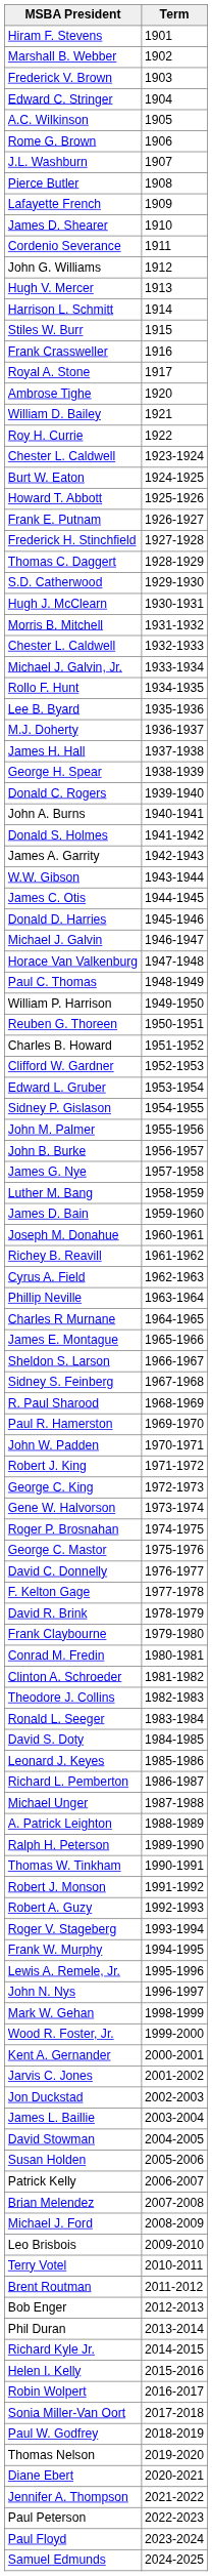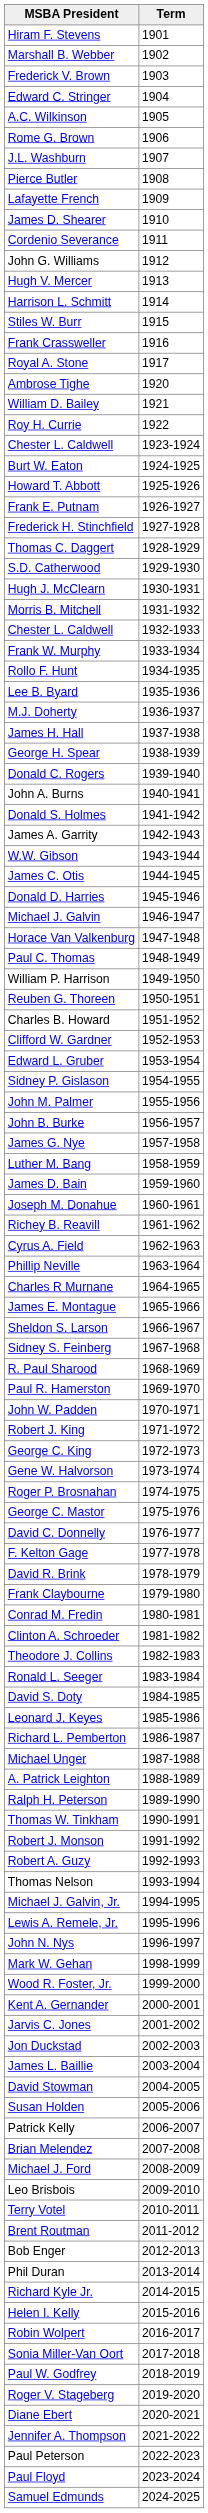 <table class="toccolours" border="1" cellpadding="4" cellspacing="2" style="border-collapse: collapse;">
 <tr bgcolor="#efefef">
 <th>MSBA President</th>
 <th>Term</th>
 </tr>
 <tr>
 <td><a href='#'>Hiram F. Stevens</a></td>
 <td>1901</td>
 </tr>
 <tr>
 <td><a href='#'>Marshall B. Webber</a></td>
 <td>1902</td>
 </tr>
 <tr>
 <td><a href='#'>Frederick V. Brown</a></td>
 <td>1903</td>
 </tr>
 <tr>
 <td><a href='#'>Edward C. Stringer</a></td>
 <td>1904</td>
 </tr>
 <tr>
 <td><a href='#'>A.C. Wilkinson</a></td>
 <td>1905</td>
 </tr>
 <tr>
 <td><a href='#'>Rome G. Brown</a></td>
 <td>1906</td>
 </tr>
 <tr>
 <td><a href='#'>J.L. Washburn</a></td>
 <td>1907</td>
 </tr>
 <tr>
 <td><a href='#'>Pierce Butler</a></td>
 <td>1908</td>
 </tr>
 <tr>
 <td><a href='#'>Lafayette French</a></td>
 <td>1909</td>
 </tr>
 <tr>
 <td><a href='#'>James D. Shearer</a></td>
 <td>1910</td>
 </tr>
 <tr>
 <td><a href='#'>Cordenio Severance</a></td>
 <td>1911</td>
 </tr>
 <tr>
 <td>John G. Williams</td>
 <td>1912</td>
 </tr>
 <tr>
 <td><a href='#'>Hugh V. Mercer</a></td>
 <td>1913</td>
 </tr>
 <tr>
 <td><a href='#'>Harrison L. Schmitt</a></td>
 <td>1914</td>
 </tr>
 <tr>
 <td><a href='#'>Stiles W. Burr</a></td>
 <td>1915</td>
 </tr>
 <tr>
 <td><a href='#'>Frank Crassweller</a></td>
 <td>1916</td>
 </tr>
 <tr>
 <td><a href='#'>Royal A. Stone</a></td>
 <td>1917</td>
 </tr>
 <tr>
 <td><a href='#'>Ambrose Tighe</a></td>
 <td>1920</td>
 </tr>
 <tr>
 <td><a href='#'>William D. Bailey</a></td>
 <td>1921</td>
 </tr>
 <tr>
 <td><a href='#'>Roy H. Currie</a></td>
 <td>1922</td>
 </tr>
 <tr>
 <td><a href='#'>Chester L. Caldwell</a></td>
 <td>1923-1924</td>
 </tr>
 <tr>
 <td><a href='#'>Burt W. Eaton</a></td>
 <td>1924-1925</td>
 </tr>
 <tr>
 <td><a href='#'>Howard T. Abbott</a></td>
 <td>1925-1926</td>
 </tr>
 <tr>
 <td><a href='#'>Frank E. Putnam</a></td>
 <td>1926-1927</td>
 </tr>
 <tr>
 <td><a href='#'>Frederick H. Stinchfield</a></td>
 <td>1927-1928</td>
 </tr>
 <tr>
 <td><a href='#'>Thomas C. Daggert</a></td>
 <td>1928-1929</td>
 </tr>
 <tr>
 <td><a href='#'>S.D. Catherwood</a></td>
 <td>1929-1930</td>
 </tr>
 <tr>
 <td><a href='#'>Hugh J. McClearn</a></td>
 <td>1930-1931</td>
 </tr>
 <tr>
 <td><a href='#'>Morris B. Mitchell</a></td>
 <td>1931-1932</td>
 </tr>
 <tr>
 <td><a href='#'>Chester L. Caldwell</a></td>
 <td>1932-1933</td>
 </tr>
 <tr>
-<td><a href='#'>Michael J. Galvin, Jr.</a></td>
+<td><a href='#'>Frank W. Murphy</a></td>
 <td>1933-1934</td>
 </tr>
 <tr>
 <td><a href='#'>Rollo F. Hunt</a></td>
 <td>1934-1935</td>
 </tr>
 <tr>
 <td><a href='#'>Lee B. Byard</a></td>
 <td>1935-1936</td>
 </tr>
 <tr>
 <td><a href='#'>M.J. Doherty</a></td>
 <td>1936-1937</td>
 </tr>
 <tr>
 <td><a href='#'>James H. Hall</a></td>
 <td>1937-1938</td>
 </tr>
 <tr>
 <td><a href='#'>George H. Spear</a></td>
 <td>1938-1939</td>
 </tr>
 <tr>
 <td><a href='#'>Donald C. Rogers</a></td>
 <td>1939-1940</td>
 </tr>
 <tr>
 <td>John A. Burns</td>
 <td>1940-1941</td>
 </tr>
 <tr>
 <td><a href='#'>Donald S. Holmes</a></td>
 <td>1941-1942</td>
 </tr>
 <tr>
 <td>James A. Garrity</td>
 <td>1942-1943</td>
 </tr>
 <tr>
 <td><a href='#'>W.W. Gibson</a></td>
 <td>1943-1944</td>
 </tr>
 <tr>
 <td><a href='#'>James C. Otis</a></td>
 <td>1944-1945</td>
 </tr>
 <tr>
 <td><a href='#'>Donald D. Harries</a></td>
 <td>1945-1946</td>
 </tr>
 <tr>
 <td><a href='#'>Michael J. Galvin</a></td>
 <td>1946-1947</td>
 </tr>
 <tr>
 <td><a href='#'>Horace Van Valkenburg</a></td>
 <td>1947-1948</td>
 </tr>
 <tr>
 <td><a href='#'>Paul C. Thomas</a></td>
 <td>1948-1949</td>
 </tr>
 <tr>
 <td>William P. Harrison</td>
 <td>1949-1950</td>
 </tr>
 <tr>
 <td><a href='#'>Reuben G. Thoreen</a></td>
 <td>1950-1951</td>
 </tr>
 <tr>
 <td>Charles B. Howard</td>
 <td>1951-1952</td>
 </tr>
 <tr>
 <td><a href='#'>Clifford W. Gardner</a></td>
 <td>1952-1953</td>
 </tr>
 <tr>
 <td><a href='#'>Edward L. Gruber</a></td>
 <td>1953-1954</td>
 </tr>
 <tr>
 <td><a href='#'>Sidney P. Gislason</a></td>
 <td>1954-1955</td>
 </tr>
 <tr>
 <td><a href='#'>John M. Palmer</a></td>
 <td>1955-1956</td>
 </tr>
 <tr>
 <td><a href='#'>John B. Burke</a></td>
 <td>1956-1957</td>
 </tr>
 <tr>
 <td><a href='#'>James G. Nye</a></td>
 <td>1957-1958</td>
 </tr>
 <tr>
 <td><a href='#'>Luther M. Bang</a></td>
 <td>1958-1959</td>
 </tr>
 <tr>
 <td><a href='#'>James D. Bain</a></td>
 <td>1959-1960</td>
 </tr>
 <tr>
 <td><a href='#'>Joseph M. Donahue</a></td>
 <td>1960-1961</td>
 </tr>
 <tr>
 <td><a href='#'>Richey B. Reavill</a></td>
 <td>1961-1962</td>
 </tr>
 <tr>
 <td><a href='#'>Cyrus A. Field</a></td>
 <td>1962-1963</td>
 </tr>
 <tr>
 <td><a href='#'>Phillip Neville</a></td>
 <td>1963-1964</td>
 </tr>
 <tr>
 <td><a href='#'>Charles R Murnane</a></td>
 <td>1964-1965</td>
 </tr>
 <tr>
 <td><a href='#'>James E. Montague</a></td>
 <td>1965-1966</td>
 </tr>
 <tr>
 <td><a href='#'>Sheldon S. Larson</a></td>
 <td>1966-1967</td>
 </tr>
 <tr>
 <td><a href='#'>Sidney S. Feinberg</a></td>
 <td>1967-1968</td>
 </tr>
 <tr>
 <td><a href='#'>R. Paul Sharood</a></td>
 <td>1968-1969</td>
 </tr>
 <tr>
 <td><a href='#'>Paul R. Hamerston</a></td>
 <td>1969-1970</td>
 </tr>
 <tr>
 <td><a href='#'>John W. Padden</a></td>
 <td>1970-1971</td>
 </tr>
 <tr>
 <td><a href='#'>Robert J. King</a></td>
 <td>1971-1972</td>
 </tr>
 <tr>
 <td><a href='#'>George C. King</a></td>
 <td>1972-1973</td>
 </tr>
 <tr>
 <td><a href='#'>Gene W. Halvorson</a></td>
 <td>1973-1974</td>
 </tr>
 <tr>
 <td><a href='#'>Roger P. Brosnahan</a></td>
 <td>1974-1975</td>
 </tr>
 <tr>
 <td><a href='#'>George C. Mastor</a></td>
 <td>1975-1976</td>
 </tr>
 <tr>
 <td><a href='#'>David C. Donnelly</a></td>
 <td>1976-1977</td>
 </tr>
 <tr>
 <td><a href='#'>F. Kelton Gage</a></td>
 <td>1977-1978</td>
 </tr>
 <tr>
 <td><a href='#'>David R. Brink</a></td>
 <td>1978-1979</td>
 </tr>
 <tr>
 <td><a href='#'>Frank Claybourne</a></td>
 <td>1979-1980</td>
 </tr>
 <tr>
 <td><a href='#'>Conrad M. Fredin</a></td>
 <td>1980-1981</td>
 </tr>
 <tr>
 <td><a href='#'>Clinton A. Schroeder</a></td>
 <td>1981-1982</td>
 </tr>
 <tr>
 <td><a href='#'>Theodore J. Collins</a></td>
 <td>1982-1983</td>
 </tr>
 <tr>
 <td><a href='#'>Ronald L. Seeger</a></td>
 <td>1983-1984</td>
 </tr>
 <tr>
 <td><a href='#'>David S. Doty</a></td>
 <td>1984-1985</td>
 </tr>
 <tr>
 <td><a href='#'>Leonard J. Keyes</a></td>
 <td>1985-1986</td>
 </tr>
 <tr>
 <td><a href='#'>Richard L. Pemberton</a></td>
 <td>1986-1987</td>
 </tr>
 <tr>
 <td><a href='#'>Michael Unger</a></td>
 <td>1987-1988</td>
 </tr>
 <tr>
 <td><a href='#'>A. Patrick Leighton</a></td>
 <td>1988-1989</td>
 </tr>
 <tr>
 <td><a href='#'>Ralph H. Peterson</a></td>
 <td>1989-1990</td>
 </tr>
 <tr>
 <td><a href='#'>Thomas W. Tinkham</a></td>
 <td>1990-1991</td>
 </tr>
 <tr>
 <td><a href='#'>Robert J. Monson</a></td>
 <td>1991-1992</td>
 </tr>
 <tr>
 <td><a href='#'>Robert A. Guzy</a></td>
 <td>1992-1993</td>
 </tr>
 <tr>
-<td><a href='#'>Roger V. Stageberg</a></td>
+<td>Thomas Nelson</td>
 <td>1993-1994</td>
 </tr>
 <tr>
-<td><a href='#'>Frank W. Murphy</a></td>
+<td><a href='#'>Michael J. Galvin, Jr.</a></td>
 <td>1994-1995</td>
 </tr>
 <tr>
 <td><a href='#'>Lewis A. Remele, Jr.</a></td>
 <td>1995-1996</td>
 </tr>
 <tr>
 <td><a href='#'>John N. Nys</a></td>
 <td>1996-1997</td>
 </tr>
 <tr>
 <td><a href='#'>Mark W. Gehan</a></td>
 <td>1998-1999</td>
 </tr>
 <tr>
 <td><a href='#'>Wood R. Foster, Jr.</a></td>
 <td>1999-2000</td>
 </tr>
 <tr>
 <td><a href='#'>Kent A. Gernander</a></td>
 <td>2000-2001</td>
 </tr>
 <tr>
 <td><a href='#'>Jarvis C. Jones</a></td>
 <td>2001-2002</td>
 </tr>
 <tr>
 <td><a href='#'>Jon Duckstad</a></td>
 <td>2002-2003</td>
 </tr>
 <tr>
 <td><a href='#'>James L. Baillie</a></td>
 <td>2003-2004</td>
 </tr>
 <tr>
 <td><a href='#'>David Stowman</a></td>
 <td>2004-2005</td>
 </tr>
 <tr>
 <td><a href='#'>Susan Holden</a></td>
 <td>2005-2006</td>
 </tr>
 <tr>
 <td>Patrick Kelly</td>
 <td>2006-2007</td>
 </tr>
 <tr>
 <td><a href='#'>Brian Melendez</a></td>
 <td>2007-2008</td>
 </tr>
 <tr>
 <td><a href='#'>Michael J. Ford</a></td>
 <td>2008-2009</td>
 </tr>
 <tr>
 <td>Leo Brisbois</td>
 <td>2009-2010</td>
 </tr>
 <tr>
 <td><a href='#'>Terry Votel</a></td>
 <td>2010-2011</td>
 </tr>
 <tr>
 <td><a href='#'>Brent Routman</a></td>
 <td>2011-2012</td>
 </tr>
 <tr>
 <td>Bob Enger</td>
 <td>2012-2013</td>
 </tr>
 <tr>
 <td>Phil Duran</td>
 <td>2013-2014</td>
 </tr>
 <tr>
 <td><a href='#'>Richard Kyle Jr.</a></td>
 <td>2014-2015</td>
 </tr>
 <tr>
 <td><a href='#'>Helen I. Kelly</a></td>
 <td>2015-2016</td>
 </tr>
 <tr>
 <td><a href='#'>Robin Wolpert</a></td>
 <td>2016-2017</td>
 </tr>
 <tr>
 <td><a href='#'>Sonia Miller-Van Oort</a></td>
 <td>2017-2018</td>
 </tr>
 <tr>
 <td><a href='#'>Paul W. Godfrey</a></td>
 <td>2018-2019</td>
 </tr>
 <tr>
-<td>Thomas Nelson</td>
+<td><a href='#'>Roger V. Stageberg</a></td>
 <td>2019-2020</td>
 </tr>
 <tr>
 <td><a href='#'>Diane Ebert</a></td>
 <td>2020-2021</td>
 </tr>
 <tr>
 <td><a href='#'>Jennifer A. Thompson</a></td>
 <td>2021-2022</td>
 </tr>
 <tr>
 <td>Paul Peterson</td>
 <td>2022-2023</td>
 </tr>
 <tr>
 <td><a href='#'>Paul Floyd</a></td>
 <td>2023-2024</td>
 </tr>
 <tr>
 <td><a href='#'>Samuel Edmunds</a></td>
 <td>2024-2025</td>
 </tr>
 </table>
